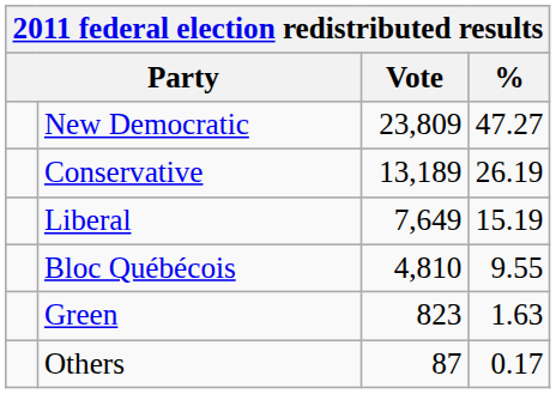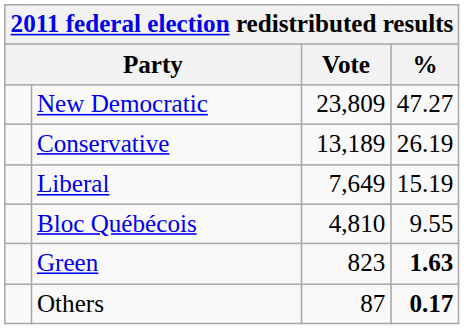 <table class="wikitable">
 <tr>
 <th colspan="4"><a href='#'>2011 federal election</a> redistributed results</th>
 </tr>
 <tr>
 <th bgcolor="#DDDDFF" width="130px" colspan="2">Party</th>
 <th bgcolor="#DDDDFF" width="50px">Vote</th>
 <th bgcolor="#DDDDFF" width="30px">%</th>
 </tr>
 <tr>
 <td> </td>
 <td><a href='#'>New Democratic</a></td>
 <td align=right>23,809</td>
 <td align=right>47.27</td>
 </tr>
 <tr>
 <td> </td>
 <td><a href='#'>Conservative</a></td>
 <td align=right>13,189</td>
 <td align=right>26.19</td>
 </tr>
 <tr>
 <td> </td>
 <td><a href='#'>Liberal</a></td>
 <td align=right>7,649</td>
 <td align=right>15.19</td>
 </tr>
 <tr>
 <td> </td>
 <td><a href='#'>Bloc Québécois</a></td>
 <td align=right>4,810</td>
 <td align=right>9.55</td>
 </tr>
 <tr>
 <td> </td>
 <td><a href='#'>Green</a></td>
 <td align=right>823</td>
-<td align=right>1.63</td>
+<td align=right><strong>1.63</strong></td>
 </tr>
 <tr>
 <td> </td>
 <td>Others</td>
 <td align=right>87</td>
-<td align=right>0.17</td>
+<td align=right><strong>0.17</strong></td>
 </tr>
 </table>
